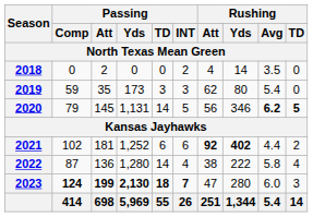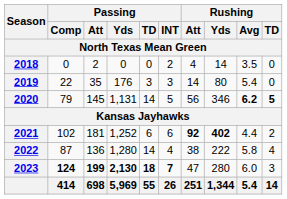 <table class="wikitable" style="text-align:center;">
 <tr>
 <th rowspan="2">Season</th>
 <th colspan="5">Passing</th>
 <th colspan="4">Rushing</th>
 </tr>
 <tr>
 <th>Comp</th>
 <th>Att</th>
 <th>Yds</th>
 <th>TD</th>
 <th>INT</th>
 <th>Att</th>
 <th>Yds</th>
 <th>Avg</th>
 <th>TD</th>
 </tr>
 <tr>
 <th colspan="14">North Texas Mean Green</th>
 </tr>
 <tr>
 <th><a href='#'>2018</a></th>
 <td>0</td>
 <td>2</td>
 <td>0</td>
 <td>0</td>
 <td>2</td>
 <td>4</td>
 <td>14</td>
 <td>3.5</td>
 <td>0</td>
 </tr>
 <tr>
 <th><a href='#'>2019</a></th>
-<td>59</td>
+<td>22</td>
 <td>35</td>
-<td>173</td>
+<td>176</td>
 <td>3</td>
 <td>3</td>
-<td>62</td>
+<td>14</td>
 <td>80</td>
 <td>5.4</td>
 <td>0</td>
 </tr>
 <tr>
 <th><a href='#'>2020</a></th>
 <td>79</td>
 <td>145</td>
 <td>1,131</td>
 <td>14</td>
 <td>5</td>
 <td>56</td>
 <td>346</td>
 <td><strong>6.2</strong></td>
 <td><strong>5</strong></td>
 </tr>
 <tr>
 <th colspan="14">Kansas Jayhawks</th>
 </tr>
 <tr>
 <th><a href='#'>2021</a></th>
 <td>102</td>
 <td>181</td>
 <td>1,252</td>
 <td>6</td>
 <td>6</td>
 <td><strong>92</strong></td>
 <td><strong>402</strong></td>
 <td>4.4</td>
 <td>2</td>
 </tr>
 <tr>
 <th><a href='#'>2022</a></th>
 <td>87</td>
 <td>136</td>
 <td>1,280</td>
 <td>14</td>
 <td>4</td>
 <td>38</td>
 <td>222</td>
 <td>5.8</td>
 <td>4</td>
 </tr>
 <tr>
 <th><a href='#'>2023</a></th>
 <td><strong>124</strong></td>
 <td><strong>199</strong></td>
 <td><strong>2,130</strong></td>
 <td><strong>18</strong></td>
 <td><strong>7</strong></td>
 <td>47</td>
 <td>280</td>
 <td>6.0</td>
 <td>3</td>
 </tr>
 <tr style="background:#eee;">
 <th><strong></strong></th>
 <th>414</th>
 <th>698</th>
 <th>5,969</th>
 <th>55</th>
 <th>26</th>
 <th>251</th>
 <th>1,344</th>
 <th>5.4</th>
 <th>14</th>
 </tr>
 </table>
